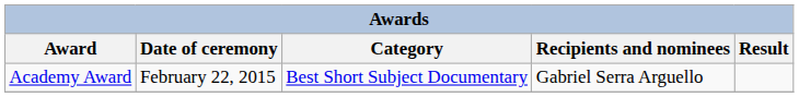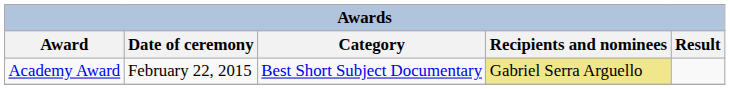 <table class="wikitable">
 <tr>
 <th colspan="5" style="background: LightSteelBlue;">Awards</th>
 </tr>
 <tr>
 <th>Award</th>
 <th>Date of ceremony</th>
 <th>Category</th>
 <th>Recipients and nominees</th>
 <th>Result</th>
 </tr>
 <tr>
 <td><a href='#'>Academy Award</a></td>
 <td>February 22, 2015</td>
 <td><a href='#'>Best Short Subject Documentary</a></td>
-<td>Gabriel Serra Arguello</td>
+<td style="background: khaki;">Gabriel Serra Arguello</td>
 <td></td>
 </tr>
 <tr>
 </tr>
 </table>
